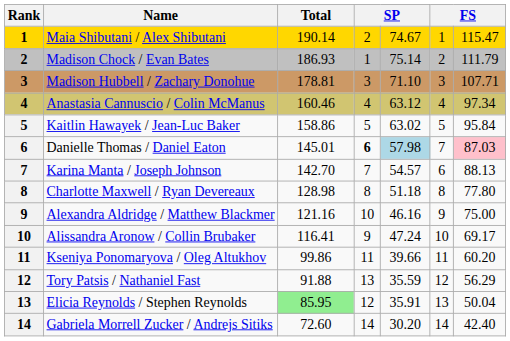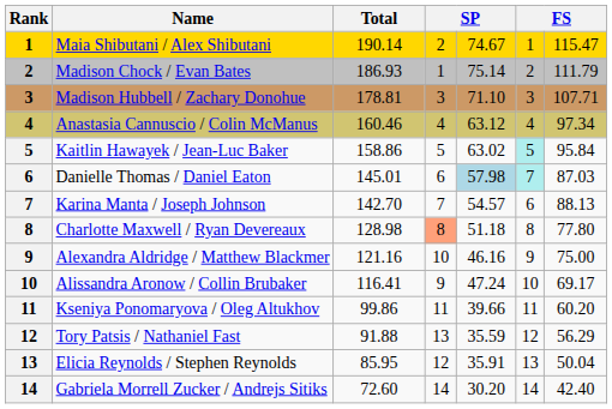 <table class="wikitable sortable">
 <tr>
 <th>Rank</th>
 <th>Name</th>
 <th width="80px">Total</th>
 <th colspan="2" width="80px"><a href='#'>SP</a></th>
 <th colspan="2" width="80px"><a href='#'>FS</a></th>
 </tr>
 <tr bgcolor="gold">
 <td align="center"><strong>1</strong></td>
 <td><a href='#'>Maia Shibutani</a> / <a href='#'>Alex Shibutani</a></td>
 <td align="center">190.14</td>
 <td align="center">2</td>
 <td align="center">74.67</td>
 <td align="center">1</td>
 <td align="center">115.47</td>
 </tr>
 <tr bgcolor="silver">
 <td align="center"><strong>2</strong></td>
 <td><a href='#'>Madison Chock</a> / <a href='#'>Evan Bates</a></td>
 <td align="center">186.93</td>
 <td align="center">1</td>
 <td align="center">75.14</td>
 <td align="center">2</td>
 <td align="center">111.79</td>
 </tr>
 <tr bgcolor="cc9966">
 <td align="center"><strong>3</strong></td>
 <td><a href='#'>Madison Hubbell</a> / <a href='#'>Zachary Donohue</a></td>
 <td align="center">178.81</td>
 <td align="center">3</td>
 <td align="center">71.10</td>
 <td align="center">3</td>
 <td align="center">107.71</td>
 </tr>
 <tr bgcolor="#d1c571">
 <td align="center"><strong>4</strong></td>
 <td><a href='#'>Anastasia Cannuscio</a> / <a href='#'>Colin McManus</a></td>
 <td align="center">160.46</td>
 <td align="center">4</td>
 <td align="center">63.12</td>
 <td align="center">4</td>
 <td align="center">97.34</td>
 </tr>
 <tr>
 <th>5</th>
 <td><a href='#'>Kaitlin Hawayek</a> / <a href='#'>Jean-Luc Baker</a></td>
 <td align="center">158.86</td>
 <td align="center">5</td>
 <td align="center">63.02</td>
-<td align="center">5</td>
+<td align="center" style="background: paleturquoise;">5</td>
 <td align="center">95.84</td>
 </tr>
 <tr>
 <th>6</th>
 <td>Danielle Thomas / <a href='#'>Daniel Eaton</a></td>
 <td align="center">145.01</td>
-<td align="center"><strong>6</strong></td>
+<td align="center">6</td>
 <td align="center" style="background: lightblue;">57.98</td>
-<td align="center">7</td>
-<td align="center" style="background: pink;">87.03</td>
+<td align="center" style="background: paleturquoise;">7</td>
+<td align="center">87.03</td>
 </tr>
 <tr>
 <th>7</th>
 <td><a href='#'>Karina Manta</a> / <a href='#'>Joseph Johnson</a></td>
 <td align="center">142.70</td>
 <td align="center">7</td>
 <td align="center">54.57</td>
 <td align="center">6</td>
 <td align="center">88.13</td>
 </tr>
 <tr>
 <th>8</th>
 <td><a href='#'>Charlotte Maxwell</a> / <a href='#'>Ryan Devereaux</a></td>
 <td align="center">128.98</td>
-<td align="center">8</td>
+<td align="center" style="background: lightsalmon;">8</td>
 <td align="center">51.18</td>
 <td align="center">8</td>
 <td align="center">77.80</td>
 </tr>
 <tr>
 <th>9</th>
 <td><a href='#'>Alexandra Aldridge</a> / <a href='#'>Matthew Blackmer</a></td>
 <td align="center">121.16</td>
 <td align="center">10</td>
 <td align="center">46.16</td>
 <td align="center">9</td>
 <td align="center">75.00</td>
 </tr>
 <tr>
 <th>10</th>
 <td><a href='#'>Alissandra Aronow</a> / <a href='#'>Collin Brubaker</a></td>
 <td align="center">116.41</td>
 <td align="center">9</td>
 <td align="center">47.24</td>
 <td align="center">10</td>
 <td align="center">69.17</td>
 </tr>
 <tr>
 <th>11</th>
 <td><a href='#'>Kseniya Ponomaryova</a> / <a href='#'>Oleg Altukhov</a></td>
 <td align="center">99.86</td>
 <td align="center">11</td>
 <td align="center">39.66</td>
 <td align="center">11</td>
 <td align="center">60.20</td>
 </tr>
 <tr>
 <th>12</th>
 <td><a href='#'>Tory Patsis</a> / <a href='#'>Nathaniel Fast</a></td>
 <td align="center">91.88</td>
 <td align="center">13</td>
 <td align="center">35.59</td>
 <td align="center">12</td>
 <td align="center">56.29</td>
 </tr>
 <tr>
 <th>13</th>
 <td><a href='#'>Elicia Reynolds</a> / Stephen Reynolds</td>
-<td align="center" style="background: lightgreen;">85.95</td>
+<td align="center">85.95</td>
 <td align="center">12</td>
 <td align="center">35.91</td>
 <td align="center">13</td>
 <td align="center">50.04</td>
 </tr>
 <tr>
 <th>14</th>
 <td><a href='#'>Gabriela Morrell Zucker</a> / <a href='#'>Andrejs Sitiks</a></td>
 <td align="center">72.60</td>
 <td align="center">14</td>
 <td align="center">30.20</td>
 <td align="center">14</td>
 <td align="center">42.40</td>
 </tr>
 </table>
